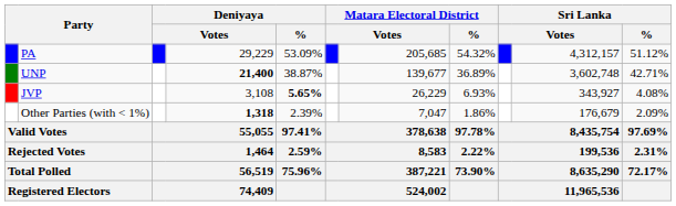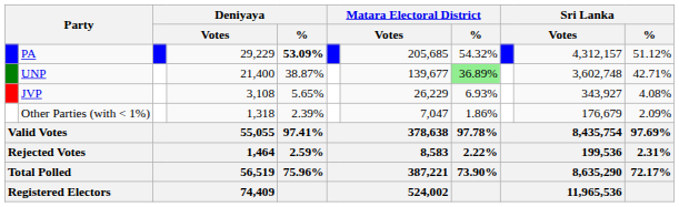 <table class="wikitable">
 <tr>
 <th colspan="2" width="144px"rowspan="2">Party</th>
 <th colspan="3" width="216px">Deniyaya</th>
 <th colspan="3" width="216px"><a href='#'>Matara Electoral District</a></th>
 <th colspan="3" width="216px">Sri Lanka</th>
 </tr>
 <tr>
 <th colspan="2" width="144px">Votes</th>
 <th>%</th>
 <th colspan="2" width="144px">Votes</th>
 <th>%</th>
 <th colspan="2" width="144px">Votes</th>
 <th>%</th>
 </tr>
 <tr>
 <td style="background-color:blue;" width="10px"></td>
 <td style="text-align:left;"><a href='#'>PA</a></td>
 <td style="background-color:blue;" width="10px"></td>
 <td style="text-align:right;">29,229</td>
-<td style="text-align:right;">53.09%</td>
+<td style="text-align:right;"><strong>53.09%</strong></td>
 <td style="background-color:blue;" width="10px"></td>
 <td style="text-align:right;">205,685</td>
 <td style="text-align:right;">54.32%</td>
 <td style="background-color:blue;" width="10px"></td>
 <td style="text-align:right;">4,312,157</td>
 <td style="text-align:right;">51.12%</td>
 </tr>
 <tr>
 <td style="background-color:green;" width="10px"></td>
 <td style="text-align:left;"><a href='#'>UNP</a></td>
 <td style="background-color:white;" width="10px"></td>
-<td style="text-align:right;"><strong>21,400</strong></td>
+<td style="text-align:right;">21,400</td>
 <td style="text-align:right;">38.87%</td>
 <td style="background-color:white;" width="10px"></td>
 <td style="text-align:right;">139,677</td>
-<td style="text-align:right;">36.89%</td>
+<td style="background: lightgreen; text-align:right;">36.89%</td>
 <td style="background-color:white;" width="10px"></td>
 <td style="text-align:right;">3,602,748</td>
 <td style="text-align:right;">42.71%</td>
 </tr>
 <tr>
 <td style="background-color:red;" width="10px"></td>
 <td style="text-align:left;"><a href='#'>JVP</a></td>
 <td style="background-color:white;" width="10px"></td>
 <td style="text-align:right;">3,108</td>
-<td style="text-align:right;"><strong>5.65%</strong></td>
+<td style="text-align:right;">5.65%</td>
 <td style="background-color:white;" width="10px"></td>
 <td style="text-align:right;">26,229</td>
 <td style="text-align:right;">6.93%</td>
 <td style="background-color:white;" width="10px"></td>
 <td style="text-align:right;">343,927</td>
 <td style="text-align:right;">4.08%</td>
 </tr>
 <tr>
 <td style="background-color:white;" width="10px"></td>
 <td style="text-align:left;">Other Parties (with < 1%)</td>
 <td style="background-color:white;" width="10px"></td>
-<td style="text-align:right;"><strong>1,318</strong></td>
+<td style="text-align:right;">1,318</td>
 <td style="text-align:right;">2.39%</td>
 <td style="background-color:white;" width="10px"></td>
 <td style="text-align:right;">7,047</td>
 <td style="text-align:right;">1.86%</td>
 <td style="background-color:white;" width="10px"></td>
 <td style="text-align:right;">176,679</td>
 <td style="text-align:right;">2.09%</td>
 </tr>
 <tr>
 <th colspan="2" width="144px"style="text-align:left;">Valid Votes</th>
 <th style="text-align:right;"colspan="2" width="144px">55,055</th>
 <th style="text-align:right;">97.41%</th>
 <th style="text-align:right;"colspan="2" width="144px">378,638</th>
 <th style="text-align:right;">97.78%</th>
 <th style="text-align:right;"colspan="2" width="144px">8,435,754</th>
 <th style="text-align:right;">97.69%</th>
 </tr>
 <tr>
 <th colspan="2" width="144px"style="text-align:left;">Rejected Votes</th>
 <th style="text-align:right;"colspan="2" width="144px">1,464</th>
 <th style="text-align:right;">2.59%</th>
 <th style="text-align:right;"colspan="2" width="144px">8,583</th>
 <th style="text-align:right;">2.22%</th>
 <th style="text-align:right;"colspan="2" width="144px">199,536</th>
 <th style="text-align:right;">2.31%</th>
 </tr>
 <tr>
 <th colspan="2" width="144px"style="text-align:left;">Total Polled</th>
 <th style="text-align:right;"colspan="2" width="144px">56,519</th>
 <th style="text-align:right;">75.96%</th>
 <th style="text-align:right;"colspan="2" width="144px">387,221</th>
 <th style="text-align:right;">73.90%</th>
 <th style="text-align:right;"colspan="2" width="144px">8,635,290</th>
 <th style="text-align:right;">72.17%</th>
 </tr>
 <tr>
 <th colspan="2" width="144px"style="text-align:left;">Registered Electors</th>
 <th style="text-align:right;"colspan="2" width="144px">74,409</th>
 <th></th>
 <th style="text-align:right;"colspan="2" width="144px">524,002</th>
 <th></th>
 <th style="text-align:right;"colspan="2" width="144px">11,965,536</th>
 <th></th>
 </tr>
 </table>
